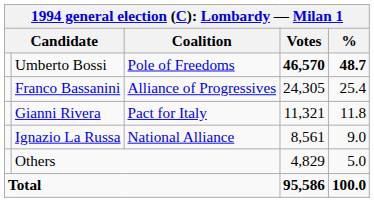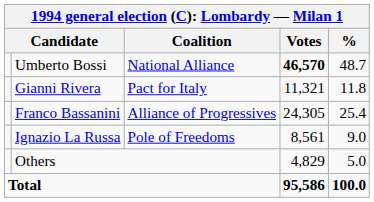 <table class=wikitable style=text-align:right>
 <tr>
 <th colspan=5><a href='#'>1994 general election</a> (<a href='#'>C</a>): <a href='#'>Lombardy</a> — <a href='#'>Milan 1</a></th>
 </tr>
 <tr>
 <th colspan=2>Candidate</th>
 <th>Coalition</th>
 <th>Votes</th>
 <th>%</th>
 </tr>
 <tr>
 <td></td>
 <td align=left>Umberto Bossi</td>
-<td align=left><a href='#'>Pole of Freedoms</a></td>
+<td align=left><a href='#'>National Alliance</a></td>
 <td><strong>46,570</strong></td>
-<td><strong>48.7</strong></td>
+<td>48.7</td>
+</tr>
+<tr>
+<td></td>
+<td align=left><a href='#'>Gianni Rivera</a></td>
+<td align=left><a href='#'>Pact for Italy</a></td>
+<td>11,321</td>
+<td>11.8</td>
 </tr>
 <tr>
 <td></td>
 <td align=left><a href='#'>Franco Bassanini</a></td>
 <td align=left><a href='#'>Alliance of Progressives</a></td>
 <td>24,305</td>
 <td>25.4</td>
 </tr>
 <tr>
 <td></td>
-<td align=left><a href='#'>Gianni Rivera</a></td>
-<td align=left><a href='#'>Pact for Italy</a></td>
-<td>11,321</td>
-<td>11.8</td>
-</tr>
-<tr>
-<td></td>
 <td align=left><a href='#'>Ignazio La Russa</a></td>
-<td align=left><a href='#'>National Alliance</a></td>
+<td align=left><a href='#'>Pole of Freedoms</a></td>
 <td>8,561</td>
 <td>9.0</td>
 </tr>
 <tr>
 <td></td>
 <td align=left colspan=2>Others</td>
 <td>4,829</td>
 <td>5.0</td>
 </tr>
 <tr>
 <td align=left colspan=3><strong>Total</strong></td>
 <td><strong>95,586</strong></td>
 <td><strong>100.0</strong></td>
 </tr>
 </table>
